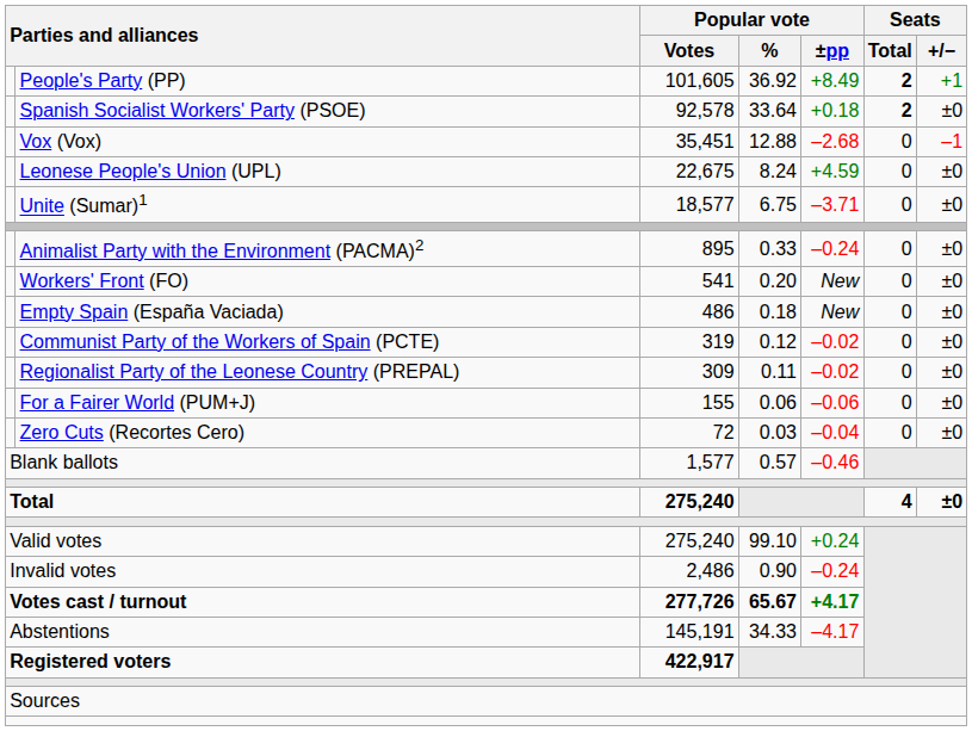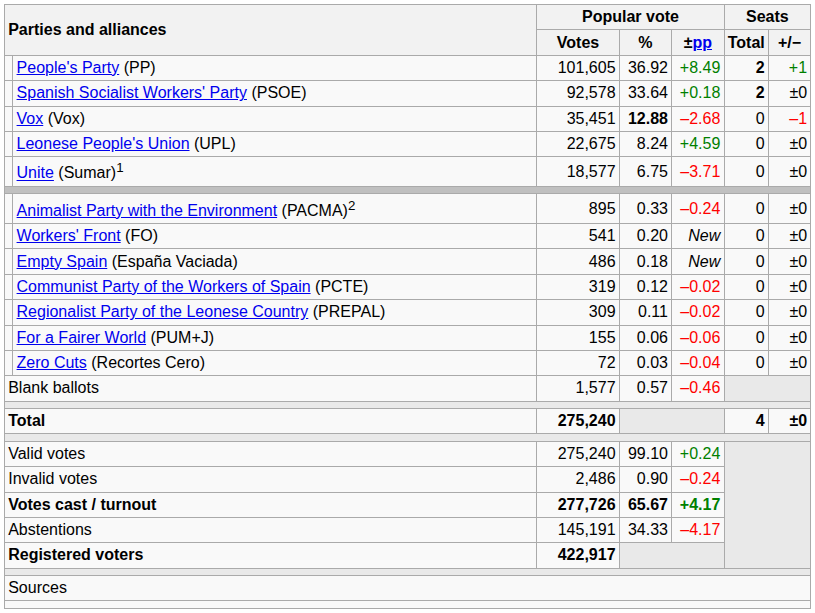 <table class="wikitable" style="text-align:right;">
 <tr>
 <th style="text-align:left;" rowspan="2" colspan="2" width="525">Parties and alliances</th>
 <th colspan="3">Popular vote</th>
 <th colspan="2">Seats</th>
 </tr>
 <tr>
 <th width="75">Votes</th>
 <th width="45">%</th>
 <th width="45">±<a href='#'>pp</a></th>
 <th width="35">Total</th>
 <th width="35">+/−</th>
 </tr>
 <tr>
 <td width="1" style="color:inherit;background:"></td>
 <td align="left"><a href='#'>People's Party</a> (PP)</td>
 <td>101,605</td>
 <td>36.92</td>
 <td style="color:green;">+8.49</td>
 <td><strong>2</strong></td>
 <td style="color:green;">+1</td>
 </tr>
 <tr>
 <td width="1" style="color:inherit;background:"></td>
 <td align="left"><a href='#'>Spanish Socialist Workers' Party</a> (PSOE)</td>
 <td>92,578</td>
 <td>33.64</td>
 <td style="color:green;">+0.18</td>
 <td><strong>2</strong></td>
 <td>±0</td>
 </tr>
 <tr>
 <td style="color:inherit;background:"></td>
 <td align="left"><a href='#'>Vox</a> (Vox)</td>
 <td>35,451</td>
-<td>12.88</td>
+<td><strong>12.88</strong></td>
 <td style="color:red;">–2.68</td>
 <td>0</td>
 <td style="color:red;">–1</td>
 </tr>
 <tr>
 <td style="color:inherit;background:"></td>
 <td align="left"><a href='#'>Leonese People's Union</a> (UPL)</td>
 <td>22,675</td>
 <td>8.24</td>
 <td style="color:green;">+4.59</td>
 <td>0</td>
 <td>±0</td>
 </tr>
 <tr>
 <td style="color:inherit;background:"></td>
 <td align="left"><a href='#'>Unite</a> (Sumar)<sup>1</sup></td>
 <td>18,577</td>
 <td>6.75</td>
 <td style="color:red;">–3.71</td>
 <td>0</td>
 <td>±0</td>
 </tr>
 <tr>
 <td colspan="7" bgcolor="#C0C0C0"></td>
 </tr>
 <tr>
 <td style="color:inherit;background:"></td>
 <td align="left"><a href='#'>Animalist Party with the Environment</a> (PACMA)<sup>2</sup></td>
 <td>895</td>
 <td>0.33</td>
 <td style="color:red;">–0.24</td>
 <td>0</td>
 <td>±0</td>
 </tr>
 <tr>
 <td style="color:inherit;background:"></td>
 <td align="left"><a href='#'>Workers' Front</a> (FO)</td>
 <td>541</td>
 <td>0.20</td>
 <td><em>New</em></td>
 <td>0</td>
 <td>±0</td>
 </tr>
 <tr>
 <td style="color:inherit;background:"></td>
 <td align="left"><a href='#'>Empty Spain</a> (España Vaciada)</td>
 <td>486</td>
 <td>0.18</td>
 <td><em>New</em></td>
 <td>0</td>
 <td>±0</td>
 </tr>
 <tr>
 <td style="color:inherit;background:"></td>
 <td align="left"><a href='#'>Communist Party of the Workers of Spain</a> (PCTE)</td>
 <td>319</td>
 <td>0.12</td>
 <td style="color:red;">–0.02</td>
 <td>0</td>
 <td>±0</td>
 </tr>
 <tr>
 <td style="color:inherit;background:"></td>
 <td align="left"><a href='#'>Regionalist Party of the Leonese Country</a> (PREPAL)</td>
 <td>309</td>
 <td>0.11</td>
 <td style="color:red;">–0.02</td>
 <td>0</td>
 <td>±0</td>
 </tr>
 <tr>
 <td style="color:inherit;background:"></td>
 <td align="left"><a href='#'>For a Fairer World</a> (PUM+J)</td>
 <td>155</td>
 <td>0.06</td>
 <td style="color:red;">–0.06</td>
 <td>0</td>
 <td>±0</td>
 </tr>
 <tr>
 <td style="color:inherit;background:"></td>
 <td align="left"><a href='#'>Zero Cuts</a> (Recortes Cero)</td>
 <td>72</td>
 <td>0.03</td>
 <td style="color:red;">–0.04</td>
 <td>0</td>
 <td>±0</td>
 </tr>
 <tr>
 <td align="left" colspan="2">Blank ballots</td>
 <td>1,577</td>
 <td>0.57</td>
 <td style="color:red;">–0.46</td>
 <td bgcolor="#E9E9E9" colspan="2"></td>
 </tr>
 <tr>
 <td colspan="7" bgcolor="#E9E9E9"></td>
 </tr>
 <tr style="font-weight:bold;">
 <td align="left" colspan="2">Total</td>
 <td>275,240</td>
 <td bgcolor="#E9E9E9" colspan="2"></td>
 <td>4</td>
 <td>±0</td>
 </tr>
 <tr>
 <td colspan="7" bgcolor="#E9E9E9"></td>
 </tr>
 <tr>
 <td align="left" colspan="2">Valid votes</td>
 <td>275,240</td>
 <td>99.10</td>
 <td style="color:green;">+0.24</td>
 <td bgcolor="#E9E9E9" colspan="2" rowspan="5"></td>
 </tr>
 <tr>
 <td align="left" colspan="2">Invalid votes</td>
 <td>2,486</td>
 <td>0.90</td>
 <td style="color:red;">–0.24</td>
 </tr>
 <tr style="font-weight:bold;">
 <td align="left" colspan="2">Votes cast / turnout</td>
 <td>277,726</td>
 <td>65.67</td>
 <td style="color:green;">+4.17</td>
 </tr>
 <tr>
 <td align="left" colspan="2">Abstentions</td>
 <td>145,191</td>
 <td>34.33</td>
 <td style="color:red;">–4.17</td>
 </tr>
 <tr style="font-weight:bold;">
 <td align="left" colspan="2">Registered voters</td>
 <td>422,917</td>
 <td bgcolor="#E9E9E9" colspan="2"></td>
 </tr>
 <tr>
 <td colspan="7" bgcolor="#E9E9E9"></td>
 </tr>
 <tr>
 <td align="left" colspan="7">Sources</td>
 </tr>
 <tr>
 <td colspan="7" style="text-align:left; max-width:790px;"></td>
 </tr>
 </table>
